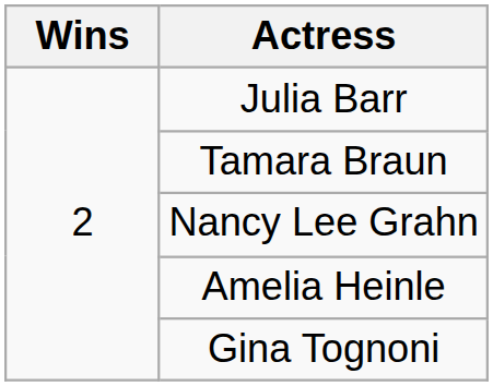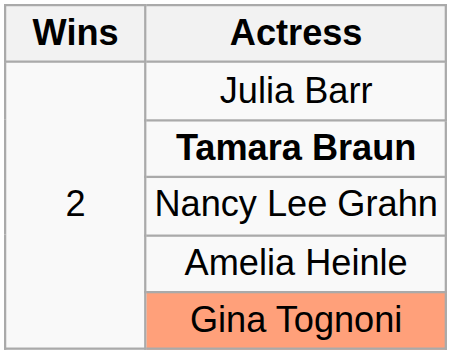 <table class="wikitable" style="text-align: center;">
 <tr>
 <th scope="col" width="55">Wins</th>
 <th scope="col" align="center">Actress</th>
 </tr>
 <tr>
 <td scope="row" rowspan=5 style="text-align:center">2</td>
 <td>Julia Barr</td>
 </tr>
 <tr>
-<td>Tamara Braun</td>
+<td><strong>Tamara Braun</strong></td>
 </tr>
 <tr>
 <td>Nancy Lee Grahn</td>
 </tr>
 <tr>
 <td>Amelia Heinle</td>
 </tr>
 <tr>
-<td>Gina Tognoni</td>
+<td style="background: lightsalmon;">Gina Tognoni</td>
 </tr>
 </table>
